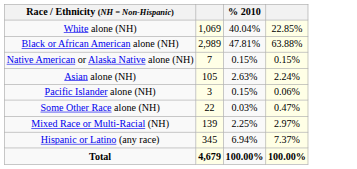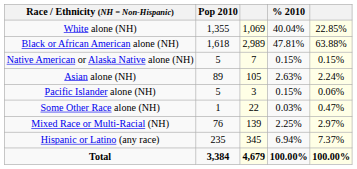 <table class="wikitable" style="text-align:center;">
 <tr>
 <th>Race / Ethnicity <small>(<em>NH = Non-Hispanic</em>)</small></th>
+<th>Pop 2010</th>
 <th></th>
 <th>% 2010</th>
 <th></th>
 </tr>
 <tr>
 <td><a href='#'>White</a> alone (NH)</td>
+<td>1,355</td>
 <td style='background: #ffffe6;'>1,069</td>
 <td>40.04%</td>
 <td style='background: #ffffe6;'>22.85%</td>
 </tr>
 <tr>
 <td><a href='#'>Black or African American</a> alone (NH)</td>
+<td>1,618</td>
 <td style='background: #ffffe6;'>2,989</td>
 <td>47.81%</td>
 <td style='background: #ffffe6;'>63.88%</td>
 </tr>
 <tr>
 <td><a href='#'>Native American</a> or <a href='#'>Alaska Native</a> alone (NH)</td>
+<td>5</td>
 <td style='background: #ffffe6;'>7</td>
 <td>0.15%</td>
 <td style='background: #ffffe6;'>0.15%</td>
 </tr>
 <tr>
 <td><a href='#'>Asian</a> alone (NH)</td>
+<td>89</td>
 <td style='background: #ffffe6;'>105</td>
 <td>2.63%</td>
 <td style='background: #ffffe6;'>2.24%</td>
 </tr>
 <tr>
 <td><a href='#'>Pacific Islander</a> alone (NH)</td>
+<td>5</td>
 <td style='background: #ffffe6;'>3</td>
 <td>0.15%</td>
 <td style='background: #ffffe6;'>0.06%</td>
 </tr>
 <tr>
 <td><a href='#'>Some Other Race</a> alone (NH)</td>
+<td>1</td>
 <td style='background: #ffffe6;'>22</td>
 <td>0.03%</td>
 <td style='background: #ffffe6;'>0.47%</td>
 </tr>
 <tr>
 <td><a href='#'>Mixed Race or Multi-Racial</a> (NH)</td>
+<td>76</td>
 <td style='background: #ffffe6;'>139</td>
 <td>2.25%</td>
 <td style='background: #ffffe6;'>2.97%</td>
 </tr>
 <tr>
 <td><a href='#'>Hispanic or Latino</a> (any race)</td>
+<td>235</td>
 <td style='background: #ffffe6;'>345</td>
 <td>6.94%</td>
 <td style='background: #ffffe6;'>7.37%</td>
 </tr>
 <tr>
 <td><strong>Total</strong></td>
+<td><strong>3,384</strong></td>
 <td style='background: #ffffe6;'><strong>4,679</strong></td>
 <td><strong>100.00%</strong></td>
 <td style='background: #ffffe6;'><strong>100.00%</strong></td>
 </tr>
 </table>
